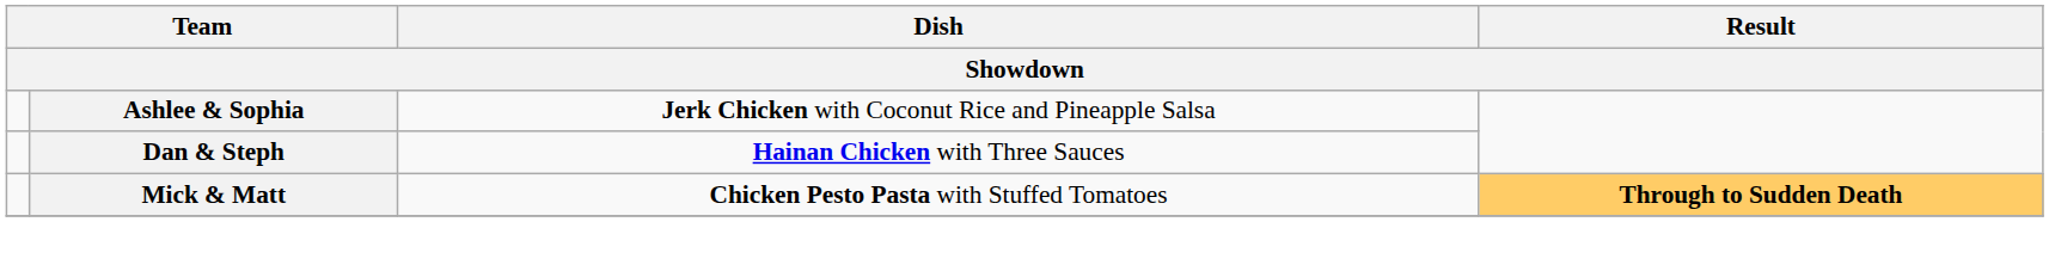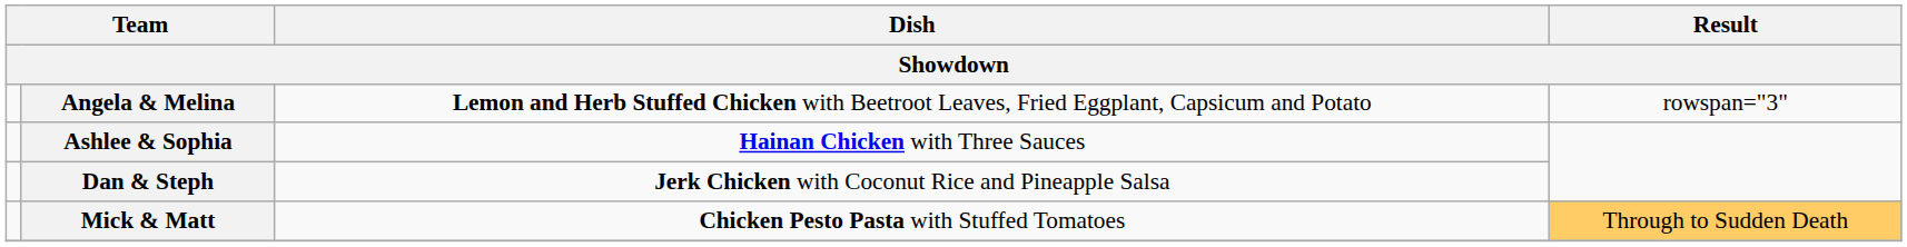 <table class="wikitable plainrowheaders" style="margin:1em auto; text-align:center; font-size:90%; width:80em;">
 <tr>
 <th colspan="2">Team</th>
 <th>Dish</th>
 <th>Result</th>
 </tr>
 <tr>
 <th colspan="4" >Showdown</th>
 </tr>
 <tr>
 <td></td>
+<th>Angela & Melina</th>
+<td><strong>Lemon and Herb Stuffed Chicken</strong> with Beetroot Leaves, Fried Eggplant, Capsicum and Potato</td>
+<td>rowspan="3" </td>
+</tr>
+<tr>
+<td></td>
 <th>Ashlee & Sophia</th>
-<td><strong>Jerk Chicken</strong> with Coconut Rice and Pineapple Salsa</td>
+<td><strong><a href='#'>Hainan Chicken</a></strong> with Three Sauces</td>
 </tr>
 <tr>
 <td></td>
 <th>Dan & Steph</th>
-<td><strong><a href='#'>Hainan Chicken</a></strong> with Three Sauces</td>
+<td><strong>Jerk Chicken</strong> with Coconut Rice and Pineapple Salsa</td>
 </tr>
 <tr>
 <td></td>
 <th>Mick & Matt</th>
 <td><strong>Chicken Pesto Pasta</strong> with Stuffed Tomatoes</td>
-<td style="background:#FFCC66;"><strong>Through to Sudden Death</strong></td>
+<td style="background:#FFCC66;">Through to Sudden Death</td>
 </tr>
 <tr>
 </tr>
 </table>
